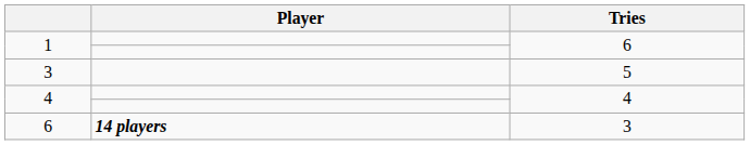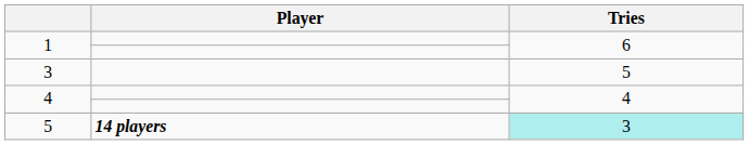 <table class="wikitable sortable plainrowheaders" style="width:55%;">
 <tr>
 <th></th>
 <th>Player</th>
 <th>Tries</th>
 </tr>
 <tr>
 <td align=center rowspan="2">1</td>
 <td align=left> </td>
 <td align=center rowspan="2">6</td>
 </tr>
 <tr>
 <td align=left> </td>
 </tr>
 <tr>
 <td align=center>3</td>
 <td align=left> </td>
 <td align=center>5</td>
 </tr>
 <tr>
 <td align=center rowspan="2">4</td>
 <td align=left> </td>
 <td align=center rowspan="2">4</td>
 </tr>
 <tr>
 <td align=left> </td>
 </tr>
 <tr>
-<td align=center>6</td>
+<td align=center>5</td>
 <td align=left><strong><em>14 players</em></strong></td>
-<td align=center>3</td>
+<td align=center style="background: paleturquoise;">3</td>
 </tr>
 </table>
